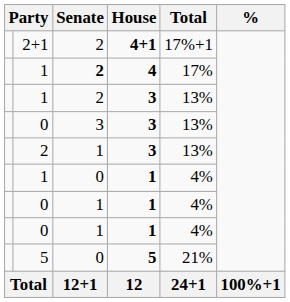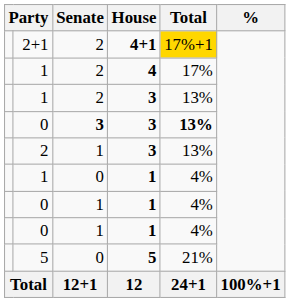 <table class="wikitable" style="text-align:right;">
 <tr>
 <th colspan="2">Party</th>
 <th>Senate</th>
 <th>House</th>
 <th>Total</th>
 <th>%</th>
 </tr>
 <tr>
 <td></td>
 <td>2+1</td>
 <td>2</td>
 <td><strong>4+1</strong></td>
-<td>17%+1</td>
+<td style="background: gold;">17%+1</td>
 </tr>
 <tr>
 <td></td>
 <td>1</td>
-<td><strong>2</strong></td>
+<td>2</td>
 <td><strong>4</strong></td>
 <td>17%</td>
 </tr>
 <tr>
 <td></td>
 <td>1</td>
 <td>2</td>
 <td><strong>3</strong></td>
 <td>13%</td>
 </tr>
 <tr>
 <td></td>
 <td>0</td>
-<td>3</td>
 <td><strong>3</strong></td>
-<td>13%</td>
+<td><strong>3</strong></td>
+<td><strong>13%</strong></td>
 </tr>
 <tr>
 <td></td>
 <td>2</td>
 <td>1</td>
 <td><strong>3</strong></td>
 <td>13%</td>
 </tr>
 <tr>
 <td></td>
 <td>1</td>
 <td>0</td>
 <td><strong>1</strong></td>
 <td>4%</td>
 </tr>
 <tr>
 <td></td>
 <td>0</td>
 <td>1</td>
 <td><strong>1</strong></td>
 <td>4%</td>
 </tr>
 <tr>
 <td></td>
 <td>0</td>
 <td>1</td>
 <td><strong>1</strong></td>
 <td>4%</td>
 </tr>
 <tr>
 <td></td>
 <td>5</td>
 <td>0</td>
 <td><strong>5</strong></td>
 <td>21%</td>
 </tr>
 <tr>
 <th colspan="2">Total</th>
 <th>12+1</th>
 <th>12</th>
 <th>24+1</th>
 <th>100%+1</th>
 </tr>
 </table>
